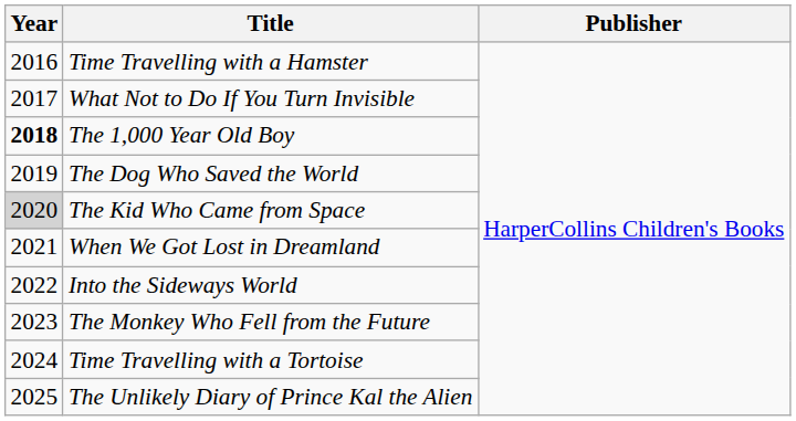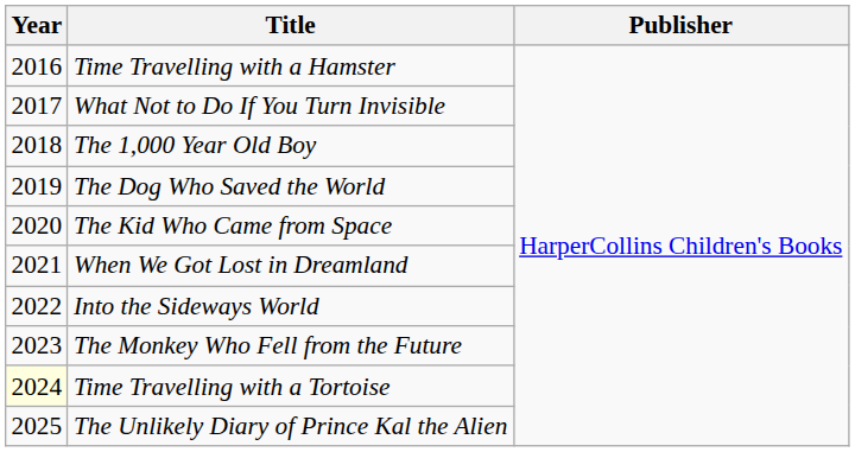 <table class="wikitable">
 <tr>
 <th>Year</th>
 <th>Title</th>
 <th>Publisher</th>
 </tr>
 <tr>
 <td>2016</td>
 <td><em>Time Travelling with a Hamster</em></td>
 <td rowspan="10"><a href='#'>HarperCollins Children's Books</a></td>
 </tr>
 <tr>
 <td>2017</td>
 <td><em>What Not to Do If You Turn Invisible</em></td>
 </tr>
 <tr>
-<td><strong>2018</strong></td>
+<td>2018</td>
 <td><em>The 1,000 Year Old Boy</em></td>
 </tr>
 <tr>
 <td>2019</td>
 <td><em>The Dog Who Saved the World</em></td>
 </tr>
 <tr>
-<td style="background: lightgrey;">2020</td>
+<td>2020</td>
 <td><em>The Kid Who Came from Space</em></td>
 </tr>
 <tr>
 <td>2021</td>
 <td><em>When We Got Lost in Dreamland</em></td>
 </tr>
 <tr>
 <td>2022</td>
 <td><em>Into the Sideways World</em></td>
 </tr>
 <tr>
 <td>2023</td>
 <td><em>The Monkey Who Fell from the Future</em></td>
 </tr>
 <tr>
-<td>2024</td>
+<td style="background: lightyellow;">2024</td>
 <td><em>Time Travelling with a Tortoise</em></td>
 </tr>
 <tr>
 <td>2025</td>
 <td><em>The Unlikely Diary of Prince Kal the Alien</em></td>
 </tr>
 </table>
